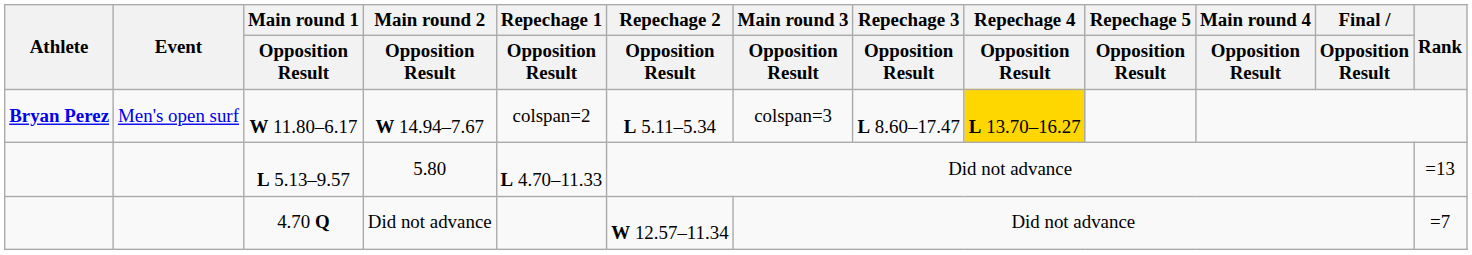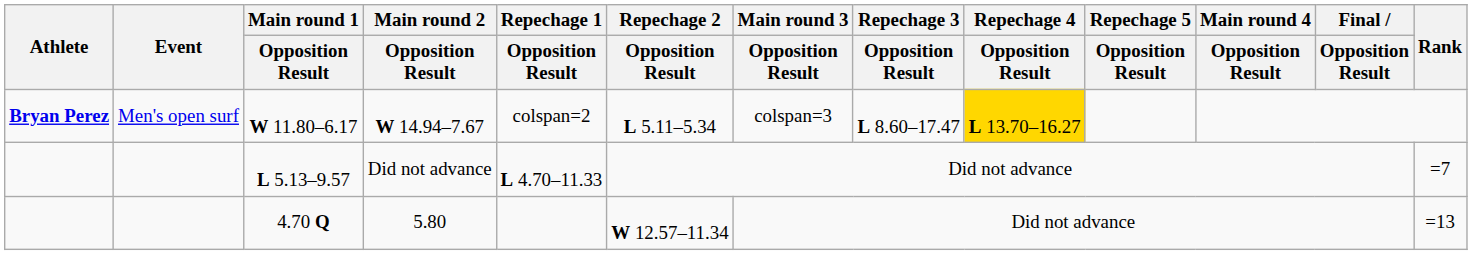 <table class="wikitable" style="font-size:85%">
 <tr>
 <th rowspan="2">Athlete</th>
 <th rowspan="2">Event</th>
 <th>Main round 1</th>
 <th>Main round 2</th>
 <th>Repechage 1</th>
 <th>Repechage 2</th>
 <th>Main round 3</th>
 <th>Repechage 3</th>
 <th>Repechage 4</th>
 <th>Repechage 5</th>
 <th>Main round 4</th>
 <th>Final  / </th>
 <th rowspan="2">Rank</th>
 </tr>
 <tr>
 <th>Opposition<br>Result</th>
 <th>Opposition<br>Result</th>
 <th>Opposition<br>Result</th>
 <th>Opposition<br>Result</th>
 <th>Opposition<br>Result</th>
 <th>Opposition<br>Result</th>
 <th>Opposition<br>Result</th>
 <th>Opposition<br>Result</th>
 <th>Opposition<br>Result</th>
 <th>Opposition<br>Result</th>
 </tr>
 <tr align=center>
 <td align=left><strong><a href='#'>Bryan Perez</a></strong></td>
 <td align=left><a href='#'>Men's open surf</a></td>
 <td><br><strong>W</strong> 11.80–6.17</td>
 <td><br><strong>W</strong> 14.94–7.67</td>
 <td>colspan=2 </td>
 <td><br><strong>L</strong> 5.11–5.34</td>
 <td>colspan=3 </td>
 <td><br><strong>L</strong> 8.60–17.47</td>
 <td style="background: gold;"><br><strong>L</strong> 13.70–16.27</td>
 <td></td>
 </tr>
 <tr align=center>
 <td align=left></td>
 <td align=left></td>
 <td><br><strong>L</strong> 5.13–9.57</td>
-<td>5.80</td>
+<td>Did not advance</td>
 <td><br><strong>L</strong> 4.70–11.33</td>
 <td colspan=7>Did not advance</td>
-<td>=13</td>
+<td>=7</td>
 </tr>
 <tr align=center>
 <td align=left></td>
 <td align=left></td>
 <td>4.70 <strong>Q</strong></td>
-<td>Did not advance</td>
+<td>5.80</td>
 <td></td>
 <td><br><strong>W</strong> 12.57–11.34</td>
 <td colspan=6>Did not advance</td>
-<td>=7</td>
+<td>=13</td>
 </tr>
 </table>
